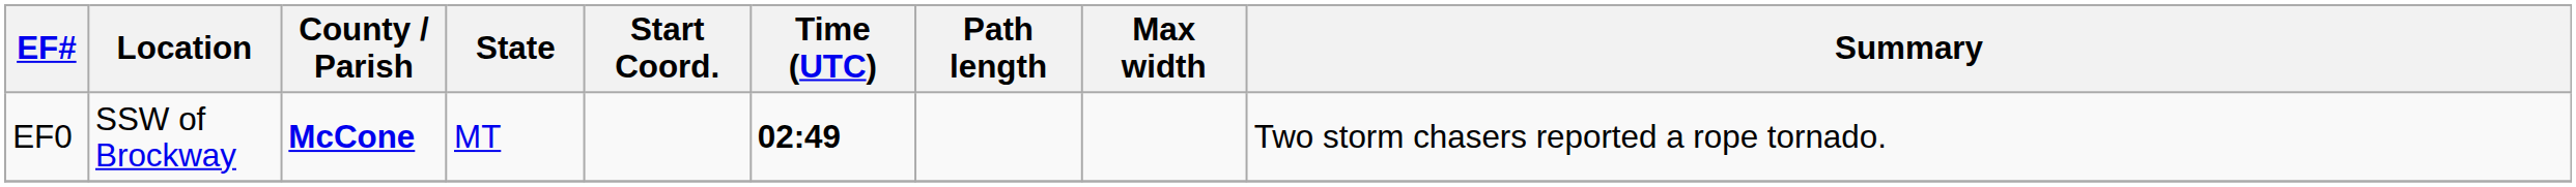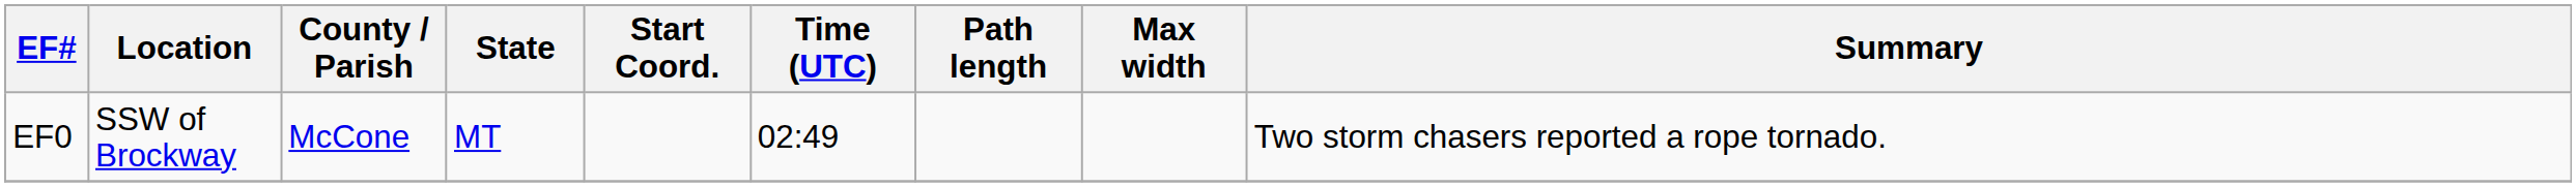 <table class="wikitable sortable" style="width:100%;">
 <tr>
 <th scope="col"  style="width:3%; text-align:center;"><a href='#'>EF#</a></th>
 <th scope="col"  style="width:7%; text-align:center;" class="unsortable">Location</th>
 <th scope="col"  style="width:6%; text-align:center;" class="unsortable">County / Parish</th>
 <th scope="col"  style="width:5%; text-align:center;">State</th>
 <th scope="col"  style="width:6%; text-align:center;">Start Coord.</th>
 <th scope="col"  style="width:6%; text-align:center;">Time (<a href='#'>UTC</a>)</th>
 <th scope="col"  style="width:6%; text-align:center;">Path length</th>
 <th scope="col"  style="width:6%; text-align:center;">Max width</th>
 <th scope="col" class="unsortable" style="width:48%; text-align:center;">Summary</th>
 </tr>
 <tr>
 <td>EF0</td>
 <td>SSW of <a href='#'>Brockway</a></td>
-<td><strong><a href='#'>McCone</a></strong></td>
+<td><a href='#'>McCone</a></td>
 <td><a href='#'>MT</a></td>
 <td></td>
-<td><strong>02:49</strong></td>
+<td>02:49</td>
 <td></td>
 <td></td>
 <td>Two storm chasers reported a rope tornado.</td>
 </tr>
 <tr>
 </tr>
 </table>
